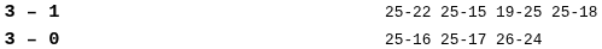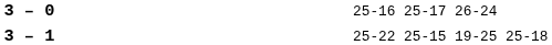 <table>
 <tr>
 <th width=200></th>
 <th width=80></th>
 <th width=200></th>
 <th width=220></th>
 </tr>
 <tr>
 <td align=right><strong></strong></td>
+<td align=center><strong>3 – 0</strong></td>
+<td></td>
+<td><small>25-16 25-17 26-24</small></td>
+</tr>
+<tr>
+<td align=right><strong></strong></td>
 <td align=center><strong>3 – 1</strong></td>
 <td></td>
 <td><small>25-22 25-15 19-25 25-18</small></td>
 </tr>
-<tr>
-<td align=right><strong></strong></td>
-<td align=center><strong>3 – 0</strong></td>
-<td></td>
-<td><small>25-16 25-17 26-24</small></td>
-</tr>
 </table>
